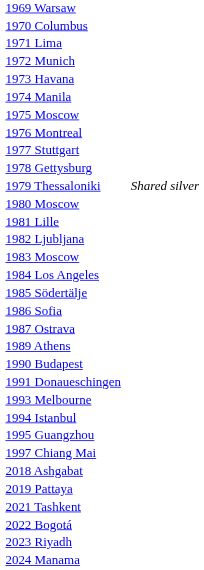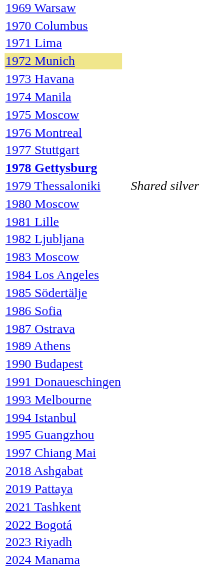 <table>
 <tr>
 <td><a href='#'>1969 Warsaw</a></td>
 <td></td>
 <td></td>
 <td></td>
 </tr>
 <tr>
 <td><a href='#'>1970 Columbus</a></td>
 <td></td>
 <td></td>
 <td></td>
 </tr>
 <tr>
 <td><a href='#'>1971 Lima</a></td>
 <td></td>
 <td></td>
 <td></td>
 </tr>
 <tr>
-<td><a href='#'>1972 Munich</a></td>
+<td style="background: khaki;"><a href='#'>1972 Munich</a></td>
 <td></td>
 <td></td>
 <td></td>
 </tr>
 <tr>
 <td><a href='#'>1973 Havana</a></td>
 <td></td>
 <td></td>
 <td></td>
 </tr>
 <tr>
 <td><a href='#'>1974 Manila</a></td>
 <td></td>
 <td></td>
 <td></td>
 </tr>
 <tr>
 <td><a href='#'>1975 Moscow</a></td>
 <td></td>
 <td></td>
 <td></td>
 </tr>
 <tr>
 <td><a href='#'>1976 Montreal</a></td>
 <td></td>
 <td></td>
 <td></td>
 </tr>
 <tr>
 <td><a href='#'>1977 Stuttgart</a></td>
 <td></td>
 <td></td>
 <td></td>
 </tr>
 <tr>
-<td><a href='#'>1978 Gettysburg</a></td>
+<td><strong><a href='#'>1978 Gettysburg</a></strong></td>
 <td></td>
 <td></td>
 <td></td>
 </tr>
 <tr>
 <td rowspan=2><a href='#'>1979 Thessaloniki</a></td>
 <td rowspan=2></td>
 <td></td>
 <td rowspan=2><em>Shared silver</em></td>
 </tr>
 <tr>
 <td></td>
 </tr>
 <tr>
 <td><a href='#'>1980 Moscow</a></td>
 <td></td>
 <td></td>
 <td></td>
 </tr>
 <tr>
 <td><a href='#'>1981 Lille</a></td>
 <td></td>
 <td></td>
 <td></td>
 </tr>
 <tr>
 <td><a href='#'>1982 Ljubljana</a></td>
 <td></td>
 <td></td>
 <td></td>
 </tr>
 <tr>
 <td><a href='#'>1983 Moscow</a></td>
 <td></td>
 <td></td>
 <td></td>
 </tr>
 <tr>
 <td><a href='#'>1984 Los Angeles</a></td>
 <td></td>
 <td></td>
 <td></td>
 </tr>
 <tr>
 <td><a href='#'>1985 Södertälje</a></td>
 <td></td>
 <td></td>
 <td></td>
 </tr>
 <tr>
 <td><a href='#'>1986 Sofia</a></td>
 <td></td>
 <td></td>
 <td></td>
 </tr>
 <tr>
 <td><a href='#'>1987 Ostrava</a></td>
 <td></td>
 <td></td>
 <td></td>
 </tr>
 <tr>
 <td><a href='#'>1989 Athens</a></td>
 <td></td>
 <td></td>
 <td></td>
 </tr>
 <tr>
 <td><a href='#'>1990 Budapest</a></td>
 <td></td>
 <td></td>
 <td></td>
 </tr>
 <tr>
 <td><a href='#'>1991 Donaueschingen</a></td>
 <td></td>
 <td></td>
 <td></td>
 </tr>
 <tr>
 <td><a href='#'>1993 Melbourne</a></td>
 <td></td>
 <td></td>
 <td></td>
 </tr>
 <tr>
 <td><a href='#'>1994 Istanbul</a></td>
 <td></td>
 <td></td>
 <td></td>
 </tr>
 <tr>
 <td><a href='#'>1995 Guangzhou</a></td>
 <td></td>
 <td></td>
 <td></td>
 </tr>
 <tr>
 <td><a href='#'>1997 Chiang Mai</a></td>
 <td></td>
 <td></td>
 <td></td>
 </tr>
 <tr>
 <td><a href='#'>2018 Ashgabat</a></td>
 <td></td>
 <td></td>
 <td></td>
 </tr>
 <tr>
 <td><a href='#'>2019 Pattaya</a></td>
 <td></td>
 <td></td>
 <td></td>
 </tr>
 <tr>
 <td><a href='#'>2021 Tashkent</a></td>
 <td></td>
 <td></td>
 <td></td>
 </tr>
 <tr>
 <td><a href='#'>2022 Bogotá</a></td>
 <td></td>
 <td></td>
 <td></td>
 </tr>
 <tr>
 <td><a href='#'>2023 Riyadh</a></td>
 <td></td>
 <td></td>
 <td></td>
 </tr>
 <tr>
 <td><a href='#'>2024 Manama</a></td>
 <td></td>
 <td></td>
 <td></td>
 </tr>
 </table>
